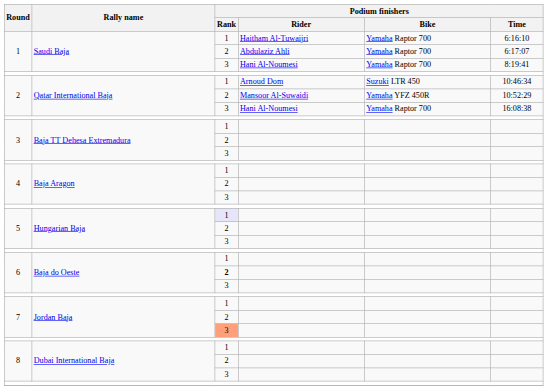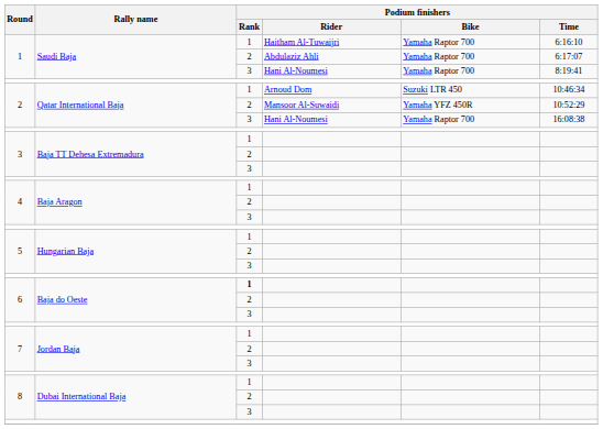 <table class="wikitable" style="font-size:85%;">
 <tr>
 <th rowspan=2>Round</th>
 <th style="width:22em" rowspan=2>Rally name</th>
 <th colspan=4>Podium finishers</th>
 </tr>
 <tr>
 <th>Rank</th>
 <th style="width:15em">Rider</th>
 <th style="width:15em">Bike</th>
 <th style="width:6em">Time</th>
 </tr>
 <tr>
 <td rowspan=3 align=center>1</td>
 <td rowspan=3> <a href='#'>Saudi Baja</a></td>
 <td align=center>1</td>
 <td> <a href='#'>Haitham Al-Tuwaijri</a></td>
 <td><a href='#'>Yamaha</a> Raptor 700</td>
 <td align=center>6:16:10</td>
 </tr>
 <tr>
 <td align=center>2</td>
 <td> <a href='#'>Abdulaziz Ahli</a></td>
 <td><a href='#'>Yamaha</a> Raptor 700</td>
 <td align=center>6:17:07</td>
 </tr>
 <tr>
 <td align=center>3</td>
 <td> <a href='#'>Hani Al-Noumesi</a></td>
 <td><a href='#'>Yamaha</a> Raptor 700</td>
 <td align=center>8:19:41</td>
 </tr>
 <tr style="background:white;">
 <td colspan="6"></td>
 </tr>
 <tr>
 <td rowspan=3 align=center>2</td>
 <td rowspan=3> <a href='#'>Qatar International Baja</a></td>
 <td align=center>1</td>
 <td> <a href='#'>Arnoud Dom</a></td>
 <td><a href='#'>Suzuki</a> LTR 450</td>
 <td align=center>10:46:34</td>
 </tr>
 <tr>
 <td align=center>2</td>
 <td> <a href='#'>Mansoor Al-Suwaidi</a></td>
 <td><a href='#'>Yamaha</a> YFZ 450R</td>
 <td align=center>10:52:29</td>
 </tr>
 <tr>
 <td align=center>3</td>
 <td> <a href='#'>Hani Al-Noumesi</a></td>
 <td><a href='#'>Yamaha</a> Raptor 700</td>
 <td align=center>16:08:38</td>
 </tr>
 <tr style="background:white;">
 <td colspan="6"></td>
 </tr>
 <tr>
 <td rowspan=3 align=center>3</td>
 <td rowspan=3> <a href='#'>Baja TT Dehesa Extremadura</a></td>
 <td align=center>1</td>
 <td></td>
 <td></td>
 <td align=center></td>
 </tr>
 <tr>
 <td align=center>2</td>
 <td></td>
 <td></td>
 <td align=center></td>
 </tr>
 <tr>
 <td align=center>3</td>
 <td></td>
 <td></td>
 <td align=center></td>
 </tr>
 <tr style="background:white;">
 <td colspan="6"></td>
 </tr>
 <tr>
 <td rowspan=3 align=center>4</td>
 <td rowspan=3> <a href='#'>Baja Aragon</a></td>
 <td align=center>1</td>
 <td></td>
 <td></td>
 <td align=center></td>
 </tr>
 <tr>
 <td align=center>2</td>
 <td></td>
 <td></td>
 <td align=center></td>
 </tr>
 <tr>
 <td align=center>3</td>
 <td></td>
 <td></td>
 <td align=center></td>
 </tr>
 <tr style="background:white;">
 <td colspan="6"></td>
 </tr>
 <tr>
 <td rowspan=3 align=center>5</td>
 <td rowspan=3> <a href='#'>Hungarian Baja</a></td>
-<td align=center style="background: lavender;">1</td>
+<td align=center>1</td>
 <td></td>
 <td></td>
 <td align=center></td>
 </tr>
 <tr>
 <td align=center>2</td>
 <td></td>
 <td></td>
 <td align=center></td>
 </tr>
 <tr>
 <td align=center>3</td>
 <td></td>
 <td></td>
 <td align=center></td>
 </tr>
 <tr style="background:white;">
 <td colspan="6"></td>
 </tr>
 <tr>
 <td rowspan=3 align=center>6</td>
 <td rowspan=3> <a href='#'>Baja do Oeste</a></td>
-<td align=center>1</td>
+<td align=center><strong>1</strong></td>
 <td></td>
 <td></td>
 <td align=center></td>
 </tr>
 <tr>
-<td align=center><strong>2</strong></td>
+<td align=center>2</td>
 <td></td>
 <td></td>
 <td align=center></td>
 </tr>
 <tr>
 <td align=center>3</td>
 <td></td>
 <td></td>
 <td align=center></td>
 </tr>
 <tr style="background:white;">
 <td colspan="6"></td>
 </tr>
 <tr>
 <td rowspan=3 align=center>7</td>
 <td rowspan=3> <a href='#'>Jordan Baja</a></td>
 <td align=center>1</td>
 <td></td>
 <td></td>
 <td align=center></td>
 </tr>
 <tr>
 <td align=center>2</td>
 <td></td>
 <td></td>
 <td align=center></td>
 </tr>
 <tr>
-<td align=center style="background: lightsalmon;">3</td>
+<td align=center>3</td>
 <td></td>
 <td></td>
 <td align=center></td>
 </tr>
 <tr style="background:white;">
 <td colspan="6"></td>
 </tr>
 <tr>
 <td rowspan=3 align=center>8</td>
 <td rowspan=3> <a href='#'>Dubai International Baja</a></td>
 <td align=center>1</td>
 <td></td>
 <td></td>
 <td align=center></td>
 </tr>
 <tr>
 <td align=center>2</td>
 <td></td>
 <td></td>
 <td align=center></td>
 </tr>
 <tr>
 <td align=center>3</td>
 <td></td>
 <td></td>
 <td align=center></td>
 </tr>
 <tr style="background:white;">
 <td colspan="6"></td>
 </tr>
 <tr>
 </tr>
 </table>
